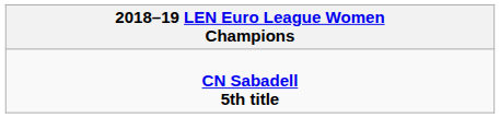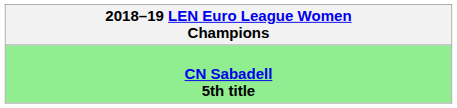 <table class="wikitable" style="margin: 0 auto; width: 30%;">
 <tr>
 <th>2018–19 <a href='#'>LEN Euro League Women</a><br>Champions</th>
 </tr>
 <tr>
-<td align="center"><br><strong><a href='#'>CN Sabadell</a></strong><br><strong>5th title</strong></td>
+<td align="center" style="background: lightgreen;"><br><strong><a href='#'>CN Sabadell</a></strong><br><strong>5th title</strong></td>
 </tr>
 </table>
